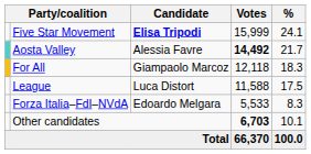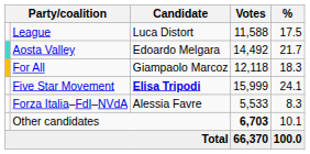 <table class="wikitable" style="font-size:95%">
 <tr>
 <th colspan=2>Party/coalition</th>
 <th>Candidate</th>
 <th align=right>Votes</th>
 <th align=right>%</th>
 </tr>
 <tr>
 <td></td>
-<td><a href='#'>Five Star Movement</a></td>
-<td><strong><a href='#'>Elisa Tripodi</a></strong></td>
-<td align=right>15,999</td>
-<td align=right>24.1</td>
+<td><a href='#'>League</a></td>
+<td>Luca Distort</td>
+<td align=right>11,588</td>
+<td align=right>17.5</td>
 </tr>
 <tr>
 <td bgcolor="48D1CC"></td>
 <td><a href='#'>Aosta Valley</a></td>
-<td>Alessia Favre</td>
-<td align=right><strong>14,492</strong></td>
+<td>Edoardo Melgara</td>
+<td align=right>14,492</td>
 <td align=right>21.7</td>
 </tr>
 <tr>
 <td bgcolor="FFBF00"></td>
 <td><a href='#'>For All</a></td>
 <td>Giampaolo Marcoz</td>
 <td align=right>12,118</td>
 <td align=right>18.3</td>
 </tr>
 <tr>
 <td></td>
-<td><a href='#'>League</a></td>
-<td>Luca Distort</td>
-<td align=right>11,588</td>
-<td align=right>17.5</td>
+<td><a href='#'>Five Star Movement</a></td>
+<td><strong><a href='#'>Elisa Tripodi</a></strong></td>
+<td align=right>15,999</td>
+<td align=right>24.1</td>
 </tr>
 <tr>
 <td></td>
 <td><a href='#'>Forza Italia</a>–<a href='#'>FdI</a>–<a href='#'>NVdA</a></td>
-<td>Edoardo Melgara</td>
+<td>Alessia Favre</td>
 <td align=right>5,533</td>
 <td align=right>8.3</td>
 </tr>
 <tr>
 <td></td>
 <td colspan=2>Other candidates</td>
 <td align=right><strong>6,703</strong></td>
 <td align=right>10.1</td>
 </tr>
 <tr bgcolor="EFEFEF">
 <td colspan=3 align=right><strong>Total</strong></td>
 <td align=right><strong>66,370</strong></td>
 <td align=right><strong>100.0</strong></td>
 </tr>
 </table>
